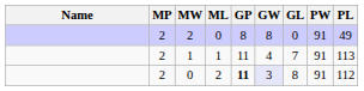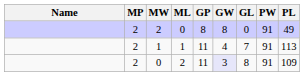 <table class=wikitable style="text-align:center">
 <tr>
 <th width=175>Name</th>
 <th width=20>MP</th>
 <th width=20>MW</th>
 <th width=20>ML</th>
 <th width=20>GP</th>
 <th width=20>GW</th>
 <th width=20>GL</th>
 <th width=20>PW</th>
 <th width=20>PL</th>
 </tr>
 <tr style="background-color:#ccccff;">
 <td style="text-align:left;"><strong></strong></td>
 <td>2</td>
 <td>2</td>
 <td>0</td>
 <td>8</td>
 <td>8</td>
 <td>0</td>
 <td>91</td>
 <td>49</td>
 </tr>
 <tr>
 <td style="text-align:left;"></td>
 <td>2</td>
 <td>1</td>
 <td>1</td>
 <td>11</td>
 <td>4</td>
 <td>7</td>
 <td>91</td>
 <td>113</td>
 </tr>
 <tr>
 <td style="text-align:left;"></td>
 <td>2</td>
 <td>0</td>
 <td>2</td>
-<td><strong>11</strong></td>
+<td>11</td>
 <td style="background: lavender;">3</td>
 <td>8</td>
 <td>91</td>
-<td>112</td>
+<td>109</td>
 </tr>
 </table>
